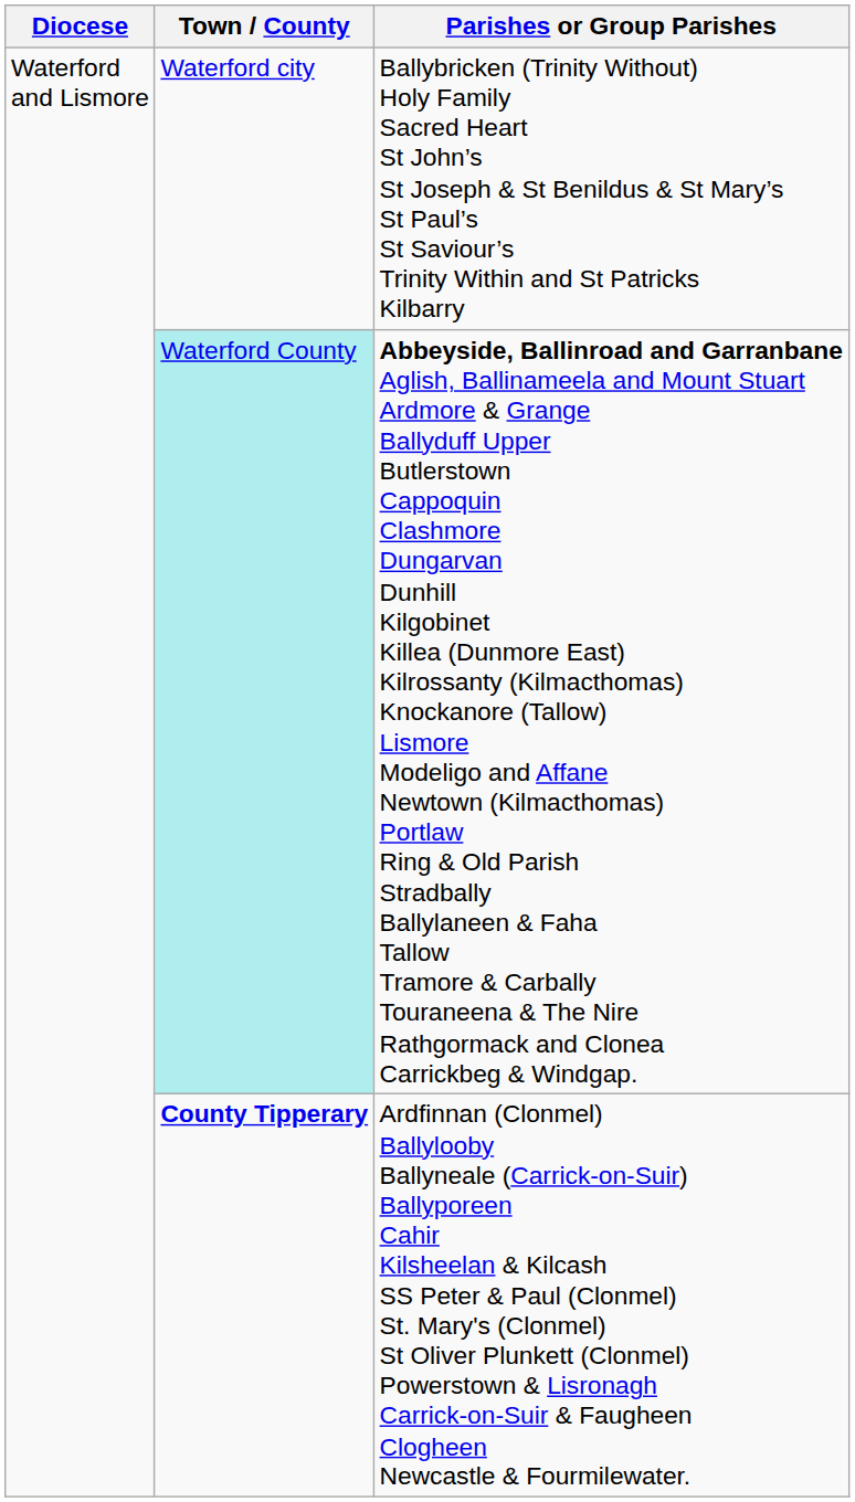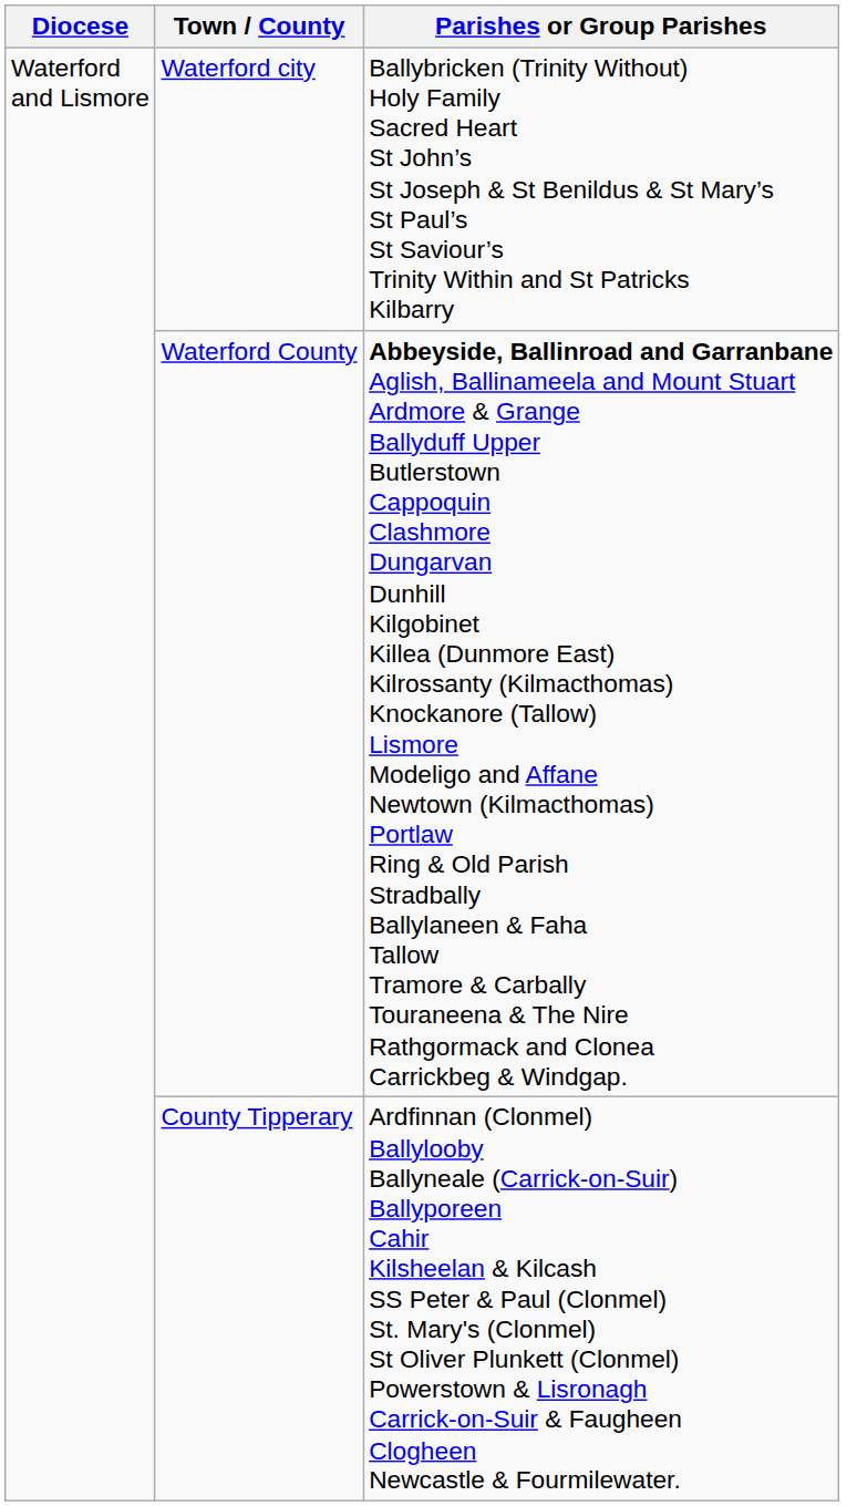 <table class="wikitable" style="line-height:120%;">
 <tr>
 <th><a href='#'>Diocese</a></th>
 <th>Town / <a href='#'>County</a></th>
 <th><a href='#'>Parishes</a> or Group Parishes</th>
 </tr>
 <tr valign=top>
 <td rowspan=6>Waterford<br>and Lismore</td>
 <td><a href='#'>Waterford city</a></td>
 <td>Ballybricken (Trinity Without)<br> Holy Family<br> Sacred Heart <br> St John’s<br> St Joseph & St Benildus & St Mary’s<br> St Paul’s<br> St Saviour’s<br> Trinity Within and St Patricks<br>Kilbarry</td>
 </tr>
 <tr valign=top>
-<td style="background: paleturquoise;"><a href='#'>Waterford County</a></td>
+<td><a href='#'>Waterford County</a></td>
 <td><strong>Abbeyside, Ballinroad and Garranbane</strong> <br>  <a href='#'>Aglish, Ballinameela and Mount Stuart</a><br> <a href='#'>Ardmore</a> & <a href='#'>Grange</a><br> <a href='#'>Ballyduff Upper</a><br>  Butlerstown<br> <a href='#'>Cappoquin</a><br> <a href='#'>Clashmore</a><br> <a href='#'>Dungarvan</a><br> Dunhill<br> Kilgobinet<br> Killea (Dunmore East)<br> Kilrossanty (Kilmacthomas)<br> Knockanore (Tallow)<br> <a href='#'>Lismore</a> <br> Modeligo and <a href='#'>Affane</a> <br>Newtown (Kilmacthomas)<br> <a href='#'>Portlaw</a><br>Ring & Old Parish<br>Stradbally<br>Ballylaneen & Faha<br>Tallow<br>Tramore & Carbally<br>Touraneena & The Nire<br>Rathgormack and Clonea<br>  Carrickbeg & Windgap.</td>
 </tr>
 <tr valign=top>
-<td><strong><a href='#'>County Tipperary</a></strong></td>
+<td><a href='#'>County Tipperary</a></td>
 <td>Ardfinnan (Clonmel)<br>  <a href='#'>Ballylooby</a><br> Ballyneale (<a href='#'>Carrick-on-Suir</a>)<br>  <a href='#'>Ballyporeen</a><br>  <a href='#'>Cahir</a><br>  <a href='#'>Kilsheelan</a> & Kilcash<br>  SS Peter & Paul (Clonmel)<br>  St. Mary's (Clonmel)<br>  St Oliver Plunkett (Clonmel)<br> Powerstown & <a href='#'>Lisronagh</a> <br>  <a href='#'>Carrick-on-Suir</a> & Faugheen<br>  <a href='#'>Clogheen</a><br> Newcastle & Fourmilewater.</td>
 </tr>
 </table>
